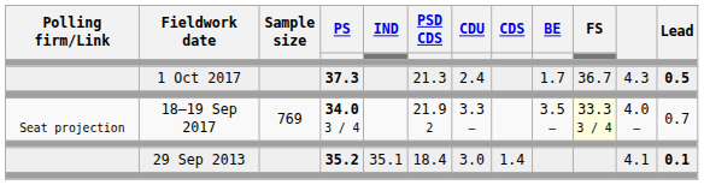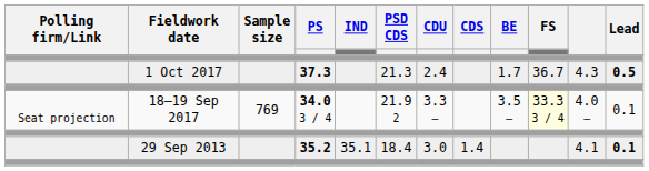 <table class="wikitable collapsible sortable" style="text-align:center; font-size:95%; line-height:16px;">
 <tr style="height:42px;">
 <th style="width:145px;" rowspan="2">Polling firm/Link</th>
 <th style="width:125px;" rowspan="2">Fieldwork date</th>
 <th class="unsortable" style="width:50px;" rowspan="2">Sample size</th>
 <th class="unsortable" style="width:35px;"><a href='#'>PS</a></th>
 <th class="unsortable" style="width:35px;"><a href='#'>IND</a></th>
 <th class="unsortable" style="width:35px;"><a href='#'>PSD</a><br><a href='#'>CDS</a></th>
 <th class="unsortable" style="width:35px;"><a href='#'>CDU</a></th>
 <th class="unsortable" style="width:35px;"><a href='#'>CDS</a></th>
 <th class="unsortable" style="width:35px;"><a href='#'>BE</a></th>
 <th class="unsortable" style="width:35px;">FS</th>
 <th class="unsortable" style="width:35px;" rowspan="2"></th>
 <th class="unsortable" style="width:30px;" rowspan="2">Lead</th>
 </tr>
 <tr>
 <th class="unsortable" style="color:inherit;background:"></th>
 <th class="unsortable" style="color:inherit;background:#777777;"></th>
 <th class="unsortable" style="color:inherit;background:"></th>
 <th class="unsortable" style="color:inherit;background:"></th>
 <th class="unsortable" style="color:inherit;background:"></th>
 <th class="unsortable" style="color:inherit;background:"></th>
 <th class="unsortable" style="color:inherit;background:#777777;"></th>
 </tr>
 <tr>
 <td colspan="12" style="background:#A0A0A0"></td>
 </tr>
 <tr style="background:#EFEFEF;">
 <td><strong></strong></td>
 <td data-sort-value="2019-10-06">1 Oct 2017</td>
 <td></td>
 <td><strong>37.3</strong><br></td>
 <td></td>
 <td>21.3<br></td>
 <td>2.4<br></td>
 <td></td>
 <td>1.7<br></td>
 <td>36.7<br></td>
 <td>4.3</td>
 <td style="background:"><strong>0.5</strong></td>
 </tr>
 <tr>
 <td colspan="12" style="background:#A0A0A0"></td>
 </tr>
 <tr>
 <td align="center"><br><small>Seat projection</small></td>
 <td align="center">18–19 Sep 2017</td>
 <td>769</td>
 <td align="center" ><strong>34.0</strong><br><small>3 / 4</small></td>
 <td></td>
 <td align="center">21.9<br><small>2</small></td>
 <td align="center">3.3<br><small>–</small></td>
 <td align="center"></td>
 <td align="center">3.5<br><small>–</small></td>
 <td align="center" style="background: lightyellow;">33.3<br><small>3 / 4</small></td>
 <td align="center">4.0<br><small>–</small></td>
-<td style="background:">0.7</td>
+<td style="background:">0.1</td>
 </tr>
 <tr>
 <td colspan="12" style="background:#A0A0A0"></td>
 </tr>
 <tr style="background:#EFEFEF;">
 <td><strong></strong></td>
 <td data-sort-value="2019-10-06">29 Sep 2013</td>
 <td></td>
 <td><strong>35.2</strong><br></td>
 <td>35.1<br></td>
 <td>18.4<br></td>
 <td>3.0<br></td>
 <td>1.4<br></td>
 <td></td>
 <td></td>
 <td>4.1</td>
 <td style="background:"><strong>0.1</strong></td>
 </tr>
 <tr>
 <td colspan="12" style="background:#A0A0A0"></td>
 </tr>
 </table>
